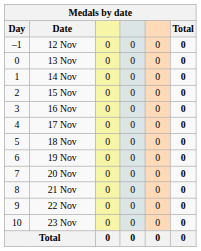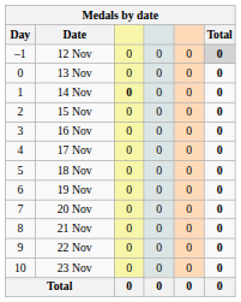 <table class="wikitable" style="font-size:90%; text-align:center;">
 <tr style="background:#efefef;">
 <th colspan=6><strong>Medals by date</strong></th>
 </tr>
 <tr>
 <th width=30><strong>Day</strong></th>
 <th width=90><strong>Date</strong></th>
 <th width=30 style="background:#F7F6A8;"></th>
 <th width=30 style="background:#DCE5E5;"></th>
 <th width=30 style="background:#FFDAB9;"></th>
 <th width=30><strong>Total</strong></th>
 </tr>
 <tr>
 <td>–1</td>
 <td>12 Nov</td>
 <td style="background:#F7F6A8;">0</td>
 <td style="background:#DCE5E5;">0</td>
 <td style="background:#FFDAB9;">0</td>
-<td><strong>0</strong></td>
+<td style="background: lightgrey;"><strong>0</strong></td>
 </tr>
 <tr>
 <td>0</td>
 <td>13 Nov</td>
 <td style="background:#F7F6A8;">0</td>
 <td style="background:#DCE5E5;">0</td>
 <td style="background:#FFDAB9;">0</td>
 <td><strong>0</strong></td>
 </tr>
 <tr>
 <td>1</td>
 <td>14 Nov</td>
-<td style="background:#F7F6A8;">0</td>
+<td style="background:#F7F6A8;"><strong>0</strong></td>
 <td style="background:#DCE5E5;">0</td>
 <td style="background:#FFDAB9;">0</td>
 <td><strong>0</strong></td>
 </tr>
 <tr>
 <td>2</td>
 <td>15 Nov</td>
 <td style="background:#F7F6A8;">0</td>
 <td style="background:#DCE5E5;">0</td>
 <td style="background:#FFDAB9;">0</td>
 <td><strong>0</strong></td>
 </tr>
 <tr>
 <td>3</td>
 <td>16 Nov</td>
 <td style="background:#F7F6A8;">0</td>
 <td style="background:#DCE5E5;">0</td>
 <td style="background:#FFDAB9;">0</td>
 <td><strong>0</strong></td>
 </tr>
 <tr>
 <td>4</td>
 <td>17 Nov</td>
 <td style="background:#F7F6A8;">0</td>
 <td style="background:#DCE5E5;">0</td>
 <td style="background:#FFDAB9;">0</td>
 <td><strong>0</strong></td>
 </tr>
 <tr>
 <td>5</td>
 <td>18 Nov</td>
 <td style="background:#F7F6A8;">0</td>
 <td style="background:#DCE5E5;">0</td>
 <td style="background:#FFDAB9;">0</td>
 <td><strong>0</strong></td>
 </tr>
 <tr>
 <td>6</td>
 <td>19 Nov</td>
 <td style="background:#F7F6A8;">0</td>
 <td style="background:#DCE5E5;">0</td>
 <td style="background:#FFDAB9;">0</td>
 <td><strong>0</strong></td>
 </tr>
 <tr>
 <td>7</td>
 <td>20 Nov</td>
 <td style="background:#F7F6A8;">0</td>
 <td style="background:#DCE5E5;">0</td>
 <td style="background:#FFDAB9;">0</td>
 <td><strong>0</strong></td>
 </tr>
 <tr>
 <td>8</td>
 <td>21 Nov</td>
 <td style="background:#F7F6A8;">0</td>
 <td style="background:#DCE5E5;">0</td>
 <td style="background:#FFDAB9;">0</td>
 <td><strong>0</strong></td>
 </tr>
 <tr>
 <td>9</td>
 <td>22 Nov</td>
 <td style="background:#F7F6A8;">0</td>
 <td style="background:#DCE5E5;">0</td>
 <td style="background:#FFDAB9;">0</td>
 <td><strong>0</strong></td>
 </tr>
 <tr>
 <td>10</td>
 <td>23 Nov</td>
 <td style="background:#F7F6A8;">0</td>
 <td style="background:#DCE5E5;">0</td>
 <td style="background:#FFDAB9;">0</td>
 <td><strong>0</strong></td>
 </tr>
 <tr>
 <th colspan="2"><strong>Total</strong></th>
 <th><strong>0</strong></th>
 <th><strong>0</strong></th>
 <th><strong>0</strong></th>
 <th><strong>0</strong></th>
 </tr>
 </table>
